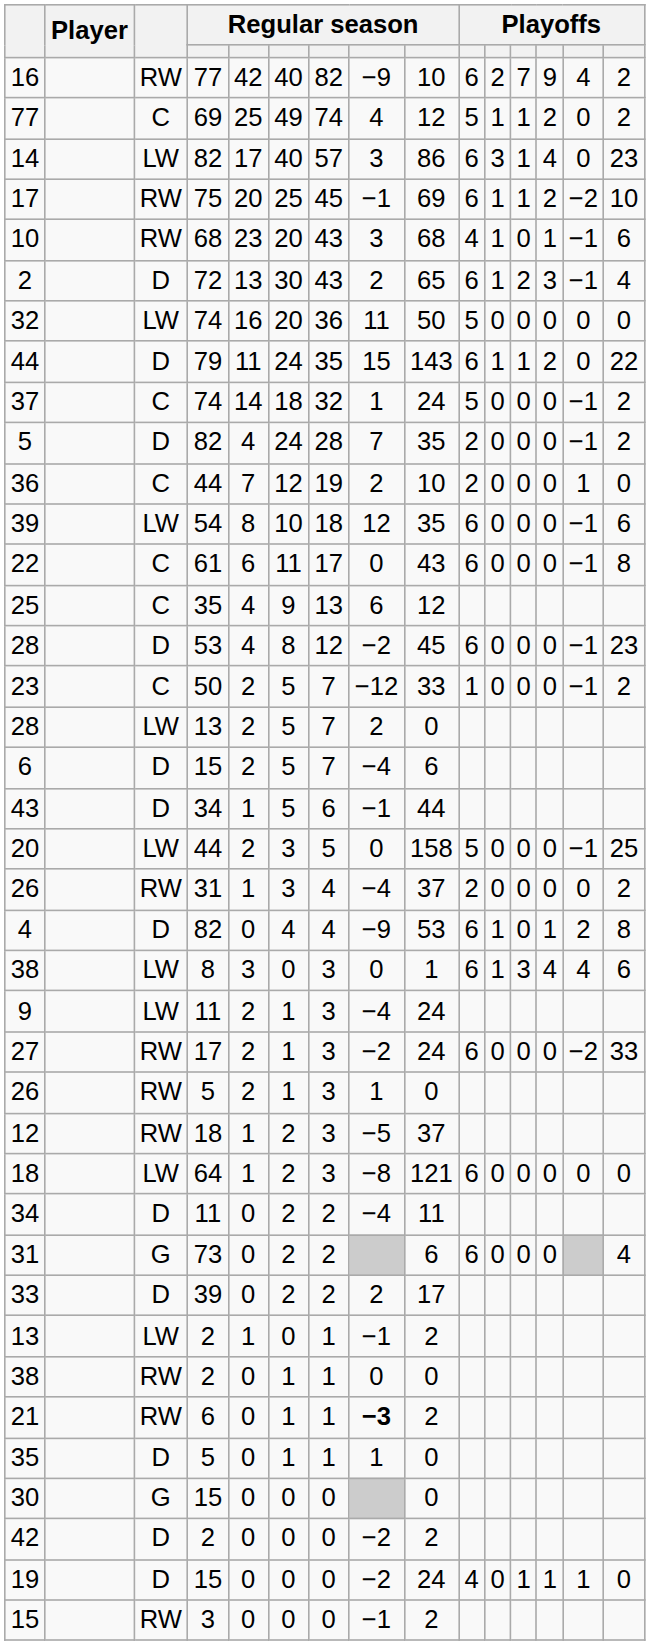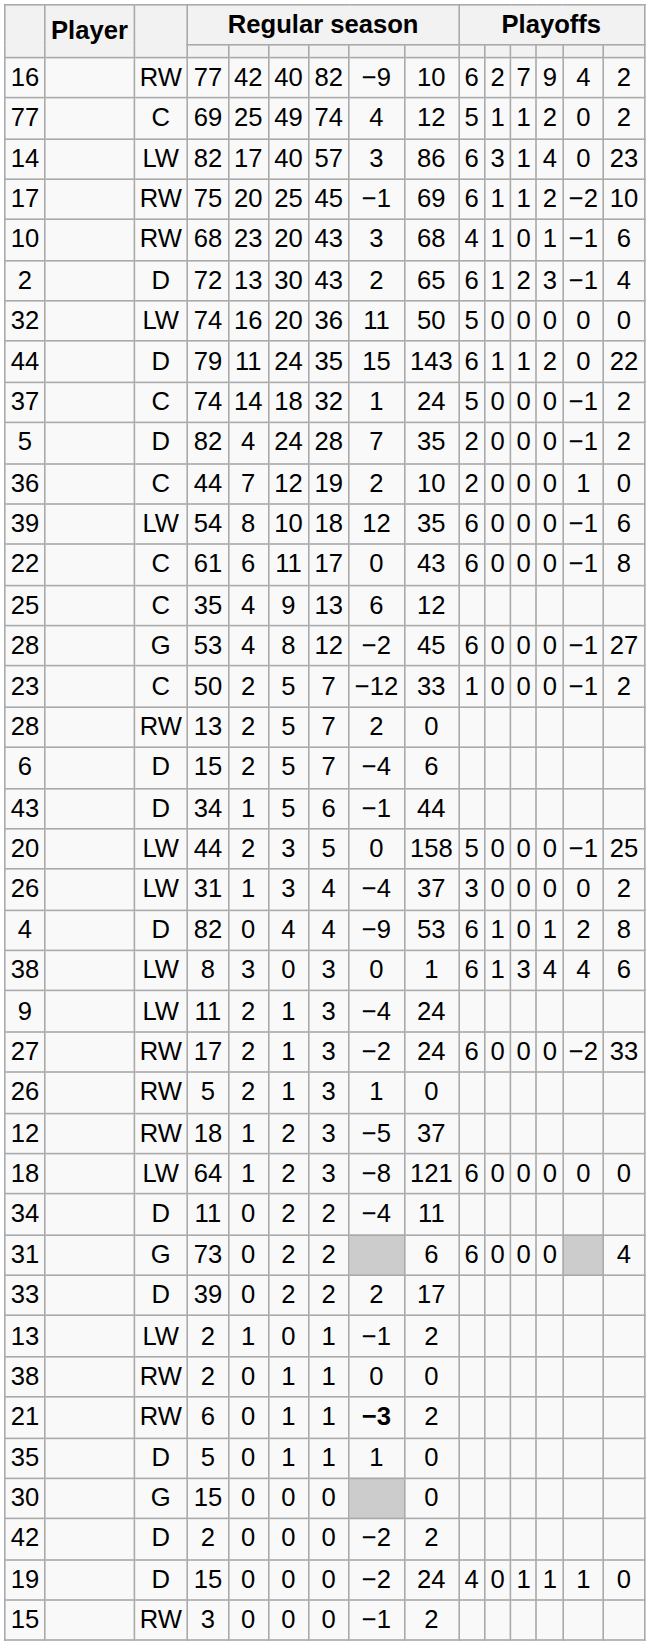 <table class="wikitable sortable plainrowheaders" style="text-align:center;">
 <tr>
 <th scope="col" data-sort-type="number" rowspan="2"></th>
 <th scope="col" rowspan="2">Player</th>
 <th scope="col" rowspan="2"></th>
 <th scope=colgroup colspan=6>Regular season</th>
 <th scope=colgroup colspan=6>Playoffs</th>
 </tr>
 <tr>
 <th scope="col" data-sort-type="number"></th>
 <th scope="col" data-sort-type="number"></th>
 <th scope="col" data-sort-type="number"></th>
 <th scope="col" data-sort-type="number"></th>
 <th scope="col" data-sort-type="number"></th>
 <th scope="col" data-sort-type="number"></th>
 <th scope="col" data-sort-type="number"></th>
 <th scope="col" data-sort-type="number"></th>
 <th scope="col" data-sort-type="number"></th>
 <th scope="col" data-sort-type="number"></th>
 <th scope="col" data-sort-type="number"></th>
 <th scope="col" data-sort-type="number"></th>
 </tr>
 <tr>
 <td scope="row">16</td>
 <td align="left"></td>
 <td>RW</td>
 <td>77</td>
 <td>42</td>
 <td>40</td>
 <td>82</td>
 <td>−9</td>
 <td>10</td>
 <td>6</td>
 <td>2</td>
 <td>7</td>
 <td>9</td>
 <td>4</td>
 <td>2</td>
 </tr>
 <tr>
 <td scope="row">77</td>
 <td align="left"></td>
 <td>C</td>
 <td>69</td>
 <td>25</td>
 <td>49</td>
 <td>74</td>
 <td>4</td>
 <td>12</td>
 <td>5</td>
 <td>1</td>
 <td>1</td>
 <td>2</td>
 <td>0</td>
 <td>2</td>
 </tr>
 <tr>
 <td scope="row">14</td>
 <td align="left"></td>
 <td>LW</td>
 <td>82</td>
 <td>17</td>
 <td>40</td>
 <td>57</td>
 <td>3</td>
 <td>86</td>
 <td>6</td>
 <td>3</td>
 <td>1</td>
 <td>4</td>
 <td>0</td>
 <td>23</td>
 </tr>
 <tr>
 <td scope="row">17</td>
 <td align="left"></td>
 <td>RW</td>
 <td>75</td>
 <td>20</td>
 <td>25</td>
 <td>45</td>
 <td>−1</td>
 <td>69</td>
 <td>6</td>
 <td>1</td>
 <td>1</td>
 <td>2</td>
 <td>−2</td>
 <td>10</td>
 </tr>
 <tr>
 <td scope="row">10</td>
 <td align="left"></td>
 <td>RW</td>
 <td>68</td>
 <td>23</td>
 <td>20</td>
 <td>43</td>
 <td>3</td>
 <td>68</td>
 <td>4</td>
 <td>1</td>
 <td>0</td>
 <td>1</td>
 <td>−1</td>
 <td>6</td>
 </tr>
 <tr>
 <td scope="row">2</td>
 <td align="left"></td>
 <td>D</td>
 <td>72</td>
 <td>13</td>
 <td>30</td>
 <td>43</td>
 <td>2</td>
 <td>65</td>
 <td>6</td>
 <td>1</td>
 <td>2</td>
 <td>3</td>
 <td>−1</td>
 <td>4</td>
 </tr>
 <tr>
 <td scope="row">32</td>
 <td align="left"></td>
 <td>LW</td>
 <td>74</td>
 <td>16</td>
 <td>20</td>
 <td>36</td>
 <td>11</td>
 <td>50</td>
 <td>5</td>
 <td>0</td>
 <td>0</td>
 <td>0</td>
 <td>0</td>
 <td>0</td>
 </tr>
 <tr>
 <td scope="row">44</td>
 <td align="left"></td>
 <td>D</td>
 <td>79</td>
 <td>11</td>
 <td>24</td>
 <td>35</td>
 <td>15</td>
 <td>143</td>
 <td>6</td>
 <td>1</td>
 <td>1</td>
 <td>2</td>
 <td>0</td>
 <td>22</td>
 </tr>
 <tr>
 <td scope="row">37</td>
 <td align="left"></td>
 <td>C</td>
 <td>74</td>
 <td>14</td>
 <td>18</td>
 <td>32</td>
 <td>1</td>
 <td>24</td>
 <td>5</td>
 <td>0</td>
 <td>0</td>
 <td>0</td>
 <td>−1</td>
 <td>2</td>
 </tr>
 <tr>
 <td scope="row">5</td>
 <td align="left"></td>
 <td>D</td>
 <td>82</td>
 <td>4</td>
 <td>24</td>
 <td>28</td>
 <td>7</td>
 <td>35</td>
 <td>2</td>
 <td>0</td>
 <td>0</td>
 <td>0</td>
 <td>−1</td>
 <td>2</td>
 </tr>
 <tr>
 <td scope="row">36</td>
 <td align="left"></td>
 <td>C</td>
 <td>44</td>
 <td>7</td>
 <td>12</td>
 <td>19</td>
 <td>2</td>
 <td>10</td>
 <td>2</td>
 <td>0</td>
 <td>0</td>
 <td>0</td>
 <td>1</td>
 <td>0</td>
 </tr>
 <tr>
 <td scope="row">39</td>
 <td align="left"></td>
 <td>LW</td>
 <td>54</td>
 <td>8</td>
 <td>10</td>
 <td>18</td>
 <td>12</td>
 <td>35</td>
 <td>6</td>
 <td>0</td>
 <td>0</td>
 <td>0</td>
 <td>−1</td>
 <td>6</td>
 </tr>
 <tr>
 <td scope="row">22</td>
 <td align="left"></td>
 <td>C</td>
 <td>61</td>
 <td>6</td>
 <td>11</td>
 <td>17</td>
 <td>0</td>
 <td>43</td>
 <td>6</td>
 <td>0</td>
 <td>0</td>
 <td>0</td>
 <td>−1</td>
 <td>8</td>
 </tr>
 <tr>
 <td scope="row">25</td>
 <td align="left"></td>
 <td>C</td>
 <td>35</td>
 <td>4</td>
 <td>9</td>
 <td>13</td>
 <td>6</td>
 <td>12</td>
 <td></td>
 <td></td>
 <td></td>
 <td></td>
 <td></td>
 <td></td>
 </tr>
 <tr>
 <td scope="row">28</td>
 <td align="left"></td>
-<td>D</td>
+<td>G</td>
 <td>53</td>
 <td>4</td>
 <td>8</td>
 <td>12</td>
 <td>−2</td>
 <td>45</td>
 <td>6</td>
 <td>0</td>
 <td>0</td>
 <td>0</td>
 <td>−1</td>
-<td>23</td>
+<td>27</td>
 </tr>
 <tr>
 <td scope="row">23</td>
 <td align="left"></td>
 <td>C</td>
 <td>50</td>
 <td>2</td>
 <td>5</td>
 <td>7</td>
 <td>−12</td>
 <td>33</td>
 <td>1</td>
 <td>0</td>
 <td>0</td>
 <td>0</td>
 <td>−1</td>
 <td>2</td>
 </tr>
 <tr>
 <td scope="row">28</td>
 <td align="left"></td>
-<td>LW</td>
+<td>RW</td>
 <td>13</td>
 <td>2</td>
 <td>5</td>
 <td>7</td>
 <td>2</td>
 <td>0</td>
 <td></td>
 <td></td>
 <td></td>
 <td></td>
 <td></td>
 <td></td>
 </tr>
 <tr>
 <td scope="row">6</td>
 <td align="left"></td>
 <td>D</td>
 <td>15</td>
 <td>2</td>
 <td>5</td>
 <td>7</td>
 <td>−4</td>
 <td>6</td>
 <td></td>
 <td></td>
 <td></td>
 <td></td>
 <td></td>
 <td></td>
 </tr>
 <tr>
 <td scope="row">43</td>
 <td align="left"></td>
 <td>D</td>
 <td>34</td>
 <td>1</td>
 <td>5</td>
 <td>6</td>
 <td>−1</td>
 <td>44</td>
 <td></td>
 <td></td>
 <td></td>
 <td></td>
 <td></td>
 <td></td>
 </tr>
 <tr>
 <td scope="row">20</td>
 <td align="left"></td>
 <td>LW</td>
 <td>44</td>
 <td>2</td>
 <td>3</td>
 <td>5</td>
 <td>0</td>
 <td>158</td>
 <td>5</td>
 <td>0</td>
 <td>0</td>
 <td>0</td>
 <td>−1</td>
 <td>25</td>
 </tr>
 <tr>
 <td scope="row">26</td>
 <td align="left"></td>
-<td>RW</td>
+<td>LW</td>
 <td>31</td>
 <td>1</td>
 <td>3</td>
 <td>4</td>
 <td>−4</td>
 <td>37</td>
-<td>2</td>
+<td>3</td>
 <td>0</td>
 <td>0</td>
 <td>0</td>
 <td>0</td>
 <td>2</td>
 </tr>
 <tr>
 <td scope="row">4</td>
 <td align="left"></td>
 <td>D</td>
 <td>82</td>
 <td>0</td>
 <td>4</td>
 <td>4</td>
 <td>−9</td>
 <td>53</td>
 <td>6</td>
 <td>1</td>
 <td>0</td>
 <td>1</td>
 <td>2</td>
 <td>8</td>
 </tr>
 <tr>
 <td scope="row">38</td>
 <td align="left"></td>
 <td>LW</td>
 <td>8</td>
 <td>3</td>
 <td>0</td>
 <td>3</td>
 <td>0</td>
 <td>1</td>
 <td>6</td>
 <td>1</td>
 <td>3</td>
 <td>4</td>
 <td>4</td>
 <td>6</td>
 </tr>
 <tr>
 <td scope="row">9</td>
 <td align="left"></td>
 <td>LW</td>
 <td>11</td>
 <td>2</td>
 <td>1</td>
 <td>3</td>
 <td>−4</td>
 <td>24</td>
 <td></td>
 <td></td>
 <td></td>
 <td></td>
 <td></td>
 <td></td>
 </tr>
 <tr>
 <td scope="row">27</td>
 <td align="left"></td>
 <td>RW</td>
 <td>17</td>
 <td>2</td>
 <td>1</td>
 <td>3</td>
 <td>−2</td>
 <td>24</td>
 <td>6</td>
 <td>0</td>
 <td>0</td>
 <td>0</td>
 <td>−2</td>
 <td>33</td>
 </tr>
 <tr>
 <td scope="row">26</td>
 <td align="left"></td>
 <td>RW</td>
 <td>5</td>
 <td>2</td>
 <td>1</td>
 <td>3</td>
 <td>1</td>
 <td>0</td>
 <td></td>
 <td></td>
 <td></td>
 <td></td>
 <td></td>
 <td></td>
 </tr>
 <tr>
 <td scope="row">12</td>
 <td align="left"></td>
 <td>RW</td>
 <td>18</td>
 <td>1</td>
 <td>2</td>
 <td>3</td>
 <td>−5</td>
 <td>37</td>
 <td></td>
 <td></td>
 <td></td>
 <td></td>
 <td></td>
 <td></td>
 </tr>
 <tr>
 <td scope="row">18</td>
 <td align="left"></td>
 <td>LW</td>
 <td>64</td>
 <td>1</td>
 <td>2</td>
 <td>3</td>
 <td>−8</td>
 <td>121</td>
 <td>6</td>
 <td>0</td>
 <td>0</td>
 <td>0</td>
 <td>0</td>
 <td>0</td>
 </tr>
 <tr>
 <td scope="row">34</td>
 <td align="left"></td>
 <td>D</td>
 <td>11</td>
 <td>0</td>
 <td>2</td>
 <td>2</td>
 <td>−4</td>
 <td>11</td>
 <td></td>
 <td></td>
 <td></td>
 <td></td>
 <td></td>
 <td></td>
 </tr>
 <tr>
 <td scope="row">31</td>
 <td align="left"></td>
 <td>G</td>
 <td>73</td>
 <td>0</td>
 <td>2</td>
 <td>2</td>
 <td style="background:#ccc"></td>
 <td>6</td>
 <td>6</td>
 <td>0</td>
 <td>0</td>
 <td>0</td>
 <td style="background:#ccc"></td>
 <td>4</td>
 </tr>
 <tr>
 <td scope="row">33</td>
 <td align="left"></td>
 <td>D</td>
 <td>39</td>
 <td>0</td>
 <td>2</td>
 <td>2</td>
 <td>2</td>
 <td>17</td>
 <td></td>
 <td></td>
 <td></td>
 <td></td>
 <td></td>
 <td></td>
 </tr>
 <tr>
 <td scope="row">13</td>
 <td align="left"></td>
 <td>LW</td>
 <td>2</td>
 <td>1</td>
 <td>0</td>
 <td>1</td>
 <td>−1</td>
 <td>2</td>
 <td></td>
 <td></td>
 <td></td>
 <td></td>
 <td></td>
 <td></td>
 </tr>
 <tr>
 <td scope="row">38</td>
 <td align="left"></td>
 <td>RW</td>
 <td>2</td>
 <td>0</td>
 <td>1</td>
 <td>1</td>
 <td>0</td>
 <td>0</td>
 <td></td>
 <td></td>
 <td></td>
 <td></td>
 <td></td>
 <td></td>
 </tr>
 <tr>
 <td scope="row">21</td>
 <td align="left"></td>
 <td>RW</td>
 <td>6</td>
 <td>0</td>
 <td>1</td>
 <td>1</td>
 <td><strong>−3</strong></td>
 <td>2</td>
 <td></td>
 <td></td>
 <td></td>
 <td></td>
 <td></td>
 <td></td>
 </tr>
 <tr>
 <td scope="row">35</td>
 <td align="left"></td>
 <td>D</td>
 <td>5</td>
 <td>0</td>
 <td>1</td>
 <td>1</td>
 <td>1</td>
 <td>0</td>
 <td></td>
 <td></td>
 <td></td>
 <td></td>
 <td></td>
 <td></td>
 </tr>
 <tr>
 <td scope="row">30</td>
 <td align="left"></td>
 <td>G</td>
 <td>15</td>
 <td>0</td>
 <td>0</td>
 <td>0</td>
 <td style="background:#ccc"></td>
 <td>0</td>
 <td></td>
 <td></td>
 <td></td>
 <td></td>
 <td></td>
 <td></td>
 </tr>
 <tr>
 <td scope="row">42</td>
 <td align="left"></td>
 <td>D</td>
 <td>2</td>
 <td>0</td>
 <td>0</td>
 <td>0</td>
 <td>−2</td>
 <td>2</td>
 <td></td>
 <td></td>
 <td></td>
 <td></td>
 <td></td>
 <td></td>
 </tr>
 <tr>
 <td scope="row">19</td>
 <td align="left"></td>
 <td>D</td>
 <td>15</td>
 <td>0</td>
 <td>0</td>
 <td>0</td>
 <td>−2</td>
 <td>24</td>
 <td>4</td>
 <td>0</td>
 <td>1</td>
 <td>1</td>
 <td>1</td>
 <td>0</td>
 </tr>
 <tr>
 <td scope="row">15</td>
 <td align="left"></td>
 <td>RW</td>
 <td>3</td>
 <td>0</td>
 <td>0</td>
 <td>0</td>
 <td>−1</td>
 <td>2</td>
 <td></td>
 <td></td>
 <td></td>
 <td></td>
 <td></td>
 <td></td>
 </tr>
 </table>
